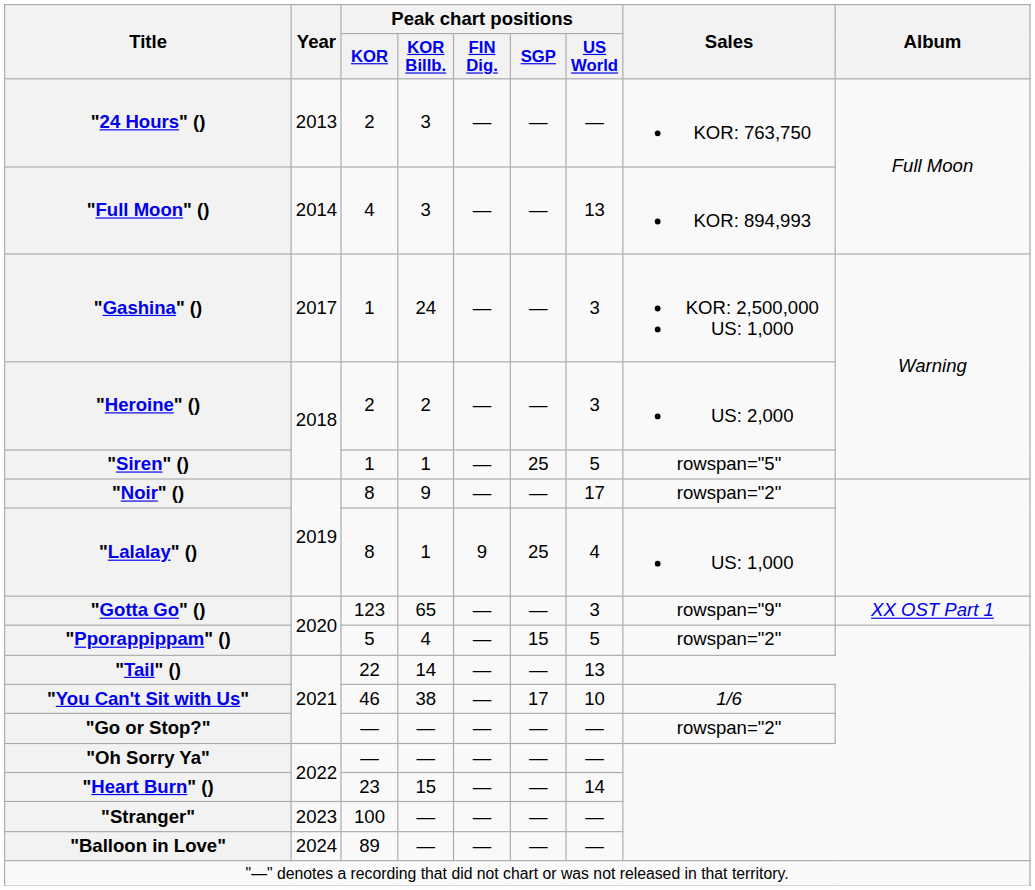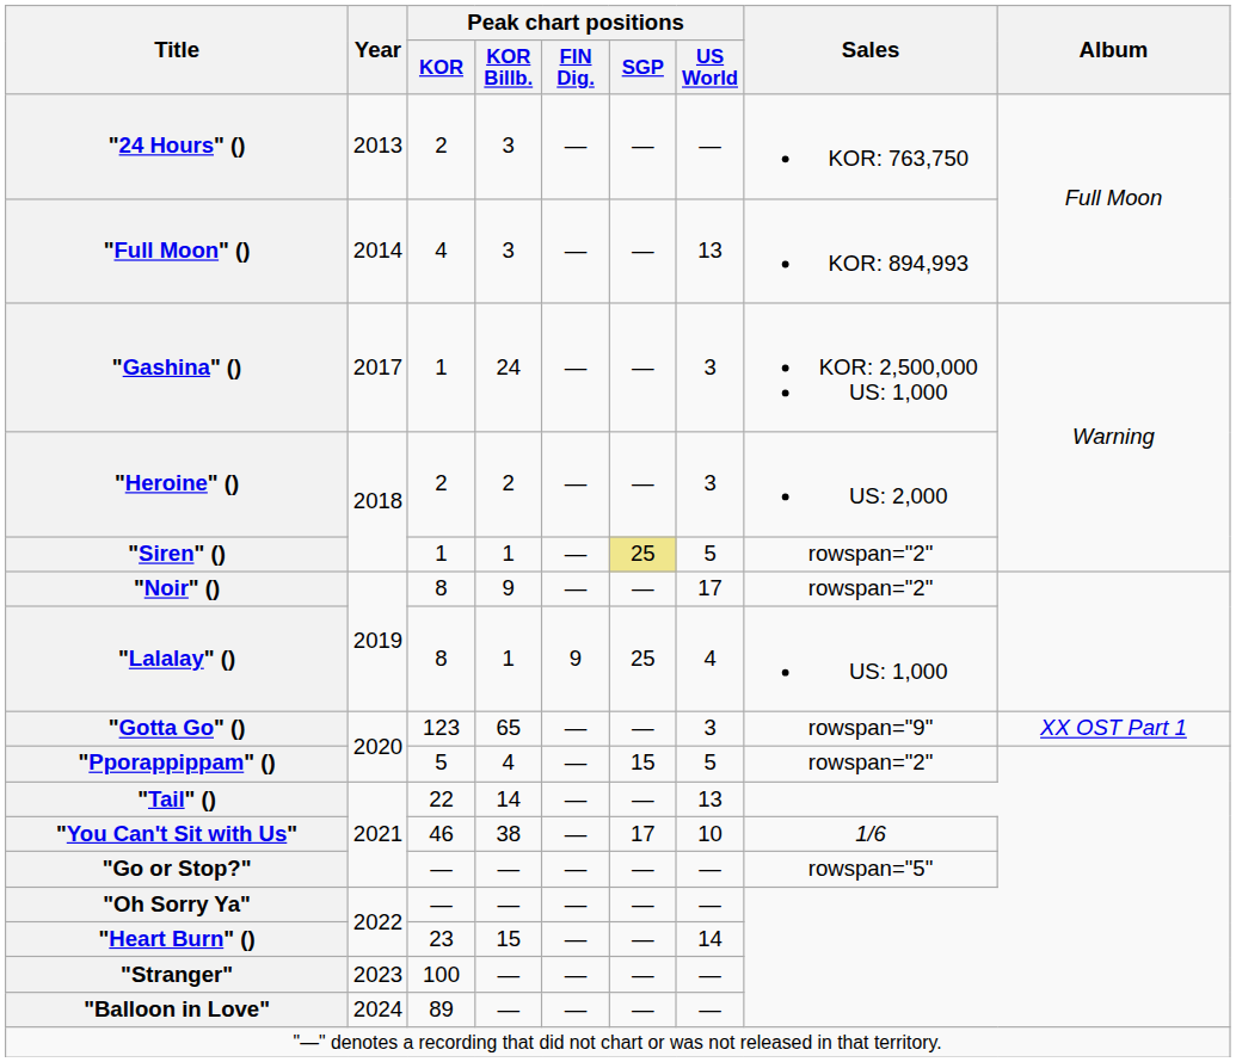 <table class="wikitable plainrowheaders" style="text-align:center;">
 <tr>
 <th scope="col" rowspan="2" style="width:15em;">Title</th>
 <th scope="col" rowspan="2" style="width:2em;">Year</th>
 <th colspan="5" scope="col">Peak chart positions</th>
 <th scope="col" rowspan="2" style="width:11em;">Sales</th>
 <th scope="col" rowspan="2" style="width:10em;">Album</th>
 </tr>
 <tr>
 <th scope="col" style="width:2.9em;font-size:90%;"><a href='#'>KOR</a><br></th>
 <th scope="col" style="width:2.9em;font-size:90%;"><a href='#'>KOR<br>Billb.</a><br></th>
 <th scope="col" style="width:2.9em;font-size:90%;"><a href='#'>FIN Dig.</a><br></th>
 <th scope="col" style="width:2.9em;font-size:90%;"><a href='#'>SGP</a><br></th>
 <th scope="col" style="width:2.9em;font-size:90%;"><a href='#'>US World</a><br></th>
 </tr>
 <tr>
 <th scope=row>"<a href='#'>24 Hours</a>" ()</th>
 <td>2013</td>
 <td>2</td>
 <td>3</td>
 <td>—</td>
 <td>—</td>
 <td>—</td>
 <td><br><ul><li>KOR: 763,750</li></ul></td>
 <td rowspan="2"><em>Full Moon</em></td>
 </tr>
 <tr>
 <th scope=row>"<a href='#'>Full Moon</a>" ()<br></th>
 <td>2014</td>
 <td>4</td>
 <td>3</td>
 <td>—</td>
 <td>—</td>
 <td>13</td>
 <td><br><ul><li>KOR: 894,993</li></ul></td>
 </tr>
 <tr>
 <th scope=row>"<a href='#'>Gashina</a>" ()</th>
 <td>2017</td>
 <td>1</td>
 <td>24</td>
 <td>—</td>
 <td>—</td>
 <td>3</td>
 <td><br><ul><li>KOR: 2,500,000</li><li>US: 1,000</li></ul></td>
 <td rowspan="3"><em>Warning</em></td>
 </tr>
 <tr>
 <th scope=row>"<a href='#'>Heroine</a>" ()</th>
 <td rowspan="2">2018</td>
 <td>2</td>
 <td>2</td>
 <td>—</td>
 <td>—</td>
 <td>3</td>
 <td><br><ul><li>US: 2,000</li></ul></td>
 </tr>
 <tr>
 <th scope="row">"<a href='#'>Siren</a>" ()</th>
 <td>1</td>
 <td>1</td>
 <td>—</td>
-<td>25</td>
+<td style="background: khaki;">25</td>
 <td>5</td>
-<td>rowspan="5" </td>
+<td>rowspan="2" </td>
 </tr>
 <tr>
 <th scope="row">"<a href='#'>Noir</a>" ()</th>
 <td rowspan="2">2019</td>
 <td>8</td>
 <td>9</td>
 <td>—</td>
 <td>—</td>
 <td>17</td>
 <td>rowspan="2" </td>
 </tr>
 <tr>
 <th scope="row">"<a href='#'>Lalalay</a>" ()</th>
 <td>8</td>
 <td>1</td>
 <td>9</td>
 <td>25</td>
 <td>4</td>
 <td><br><ul><li>US: 1,000</li></ul></td>
 </tr>
 <tr>
 <th scope="row">"<a href='#'>Gotta Go</a>" ()</th>
 <td rowspan="2">2020</td>
 <td>123</td>
 <td>65</td>
 <td>—</td>
 <td>—</td>
 <td>3</td>
 <td>rowspan="9" </td>
 <td><em><a href='#'>XX OST Part 1</a></em></td>
 </tr>
 <tr>
 <th scope="row">"<a href='#'>Pporappippam</a>" ()</th>
 <td>5</td>
 <td>4</td>
 <td>—</td>
 <td>15</td>
 <td>5</td>
 <td>rowspan="2" </td>
 </tr>
 <tr>
 <th scope=row>"<a href='#'>Tail</a>" ()</th>
 <td rowspan="3">2021</td>
 <td>22</td>
 <td>14</td>
 <td>—</td>
 <td>—</td>
 <td>13</td>
 </tr>
 <tr>
 <th scope=row>"<a href='#'>You Can't Sit with Us</a>"</th>
 <td>46</td>
 <td>38</td>
 <td>—</td>
 <td>17</td>
 <td>10</td>
 <td><em>1/6</em></td>
 </tr>
 <tr>
 <th scope="row">"Go or Stop?"</th>
 <td>—</td>
 <td>—</td>
 <td>—</td>
 <td>—</td>
 <td>—</td>
-<td>rowspan="2" </td>
+<td>rowspan="5" </td>
 </tr>
 <tr>
 <th scope="row">"Oh Sorry Ya"</th>
 <td rowspan="2">2022</td>
 <td>—</td>
 <td>—</td>
 <td>—</td>
 <td>—</td>
 <td>—</td>
 </tr>
 <tr>
 <th scope="row">"<a href='#'>Heart Burn</a>" ()</th>
 <td>23</td>
 <td>15</td>
 <td>—</td>
 <td>—</td>
 <td>14</td>
 </tr>
 <tr>
 <th scope="row">"Stranger"</th>
 <td>2023</td>
 <td>100</td>
 <td>—</td>
 <td>—</td>
 <td>—</td>
 <td>—</td>
 </tr>
 <tr>
 <th scope="row">"Balloon in Love"</th>
 <td>2024</td>
 <td>89</td>
 <td>—</td>
 <td>—</td>
 <td>—</td>
 <td>—</td>
 </tr>
 <tr>
 <td colspan="9" style="font-size:85%">"—" denotes a recording that did not chart or was not released in that territory.</td>
 </tr>
 </table>
